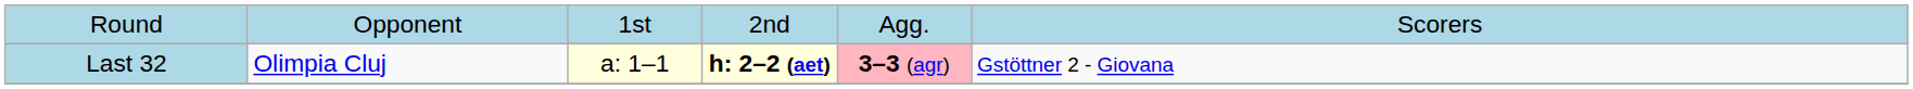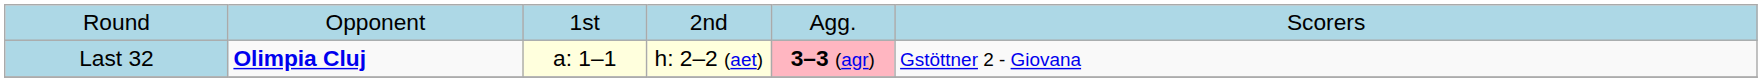 <table class="wikitable" style="text-align:center">
 <tr bgcolor=lightblue>
 <td width=150px>Round</td>
 <td width=200px>Opponent</td>
 <td width=80px>1st</td>
 <td width=80px>2nd</td>
 <td width=80px>Agg.</td>
 <td width=600px>Scorers</td>
 </tr>
 <tr>
 <td bgcolor=lightblue>Last 32</td>
-<td align=left> <a href='#'>Olimpia Cluj</a></td>
+<td align=left><strong> <a href='#'>Olimpia Cluj</a></strong></td>
 <td bgcolor="#ffffdd">a: 1–1</td>
-<td bgcolor="#ffffdd"><strong>h: 2–2 <small>(<a href='#'>aet</a>)</small></strong></td>
+<td bgcolor="#ffffdd">h: 2–2 <small>(<a href='#'>aet</a>)</small></td>
 <td bgcolor=lightpink><strong>3–3</strong> <small>(<a href='#'>agr</a>)</small></td>
 <td align=left><small><a href='#'>Gstöttner</a> 2 - <a href='#'>Giovana</a></small></td>
 </tr>
 <tr>
 </tr>
 </table>
